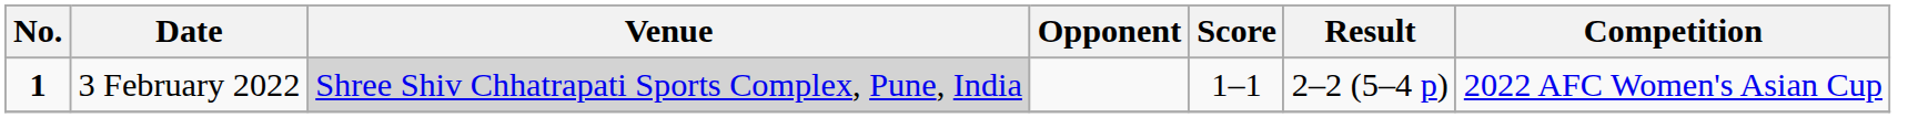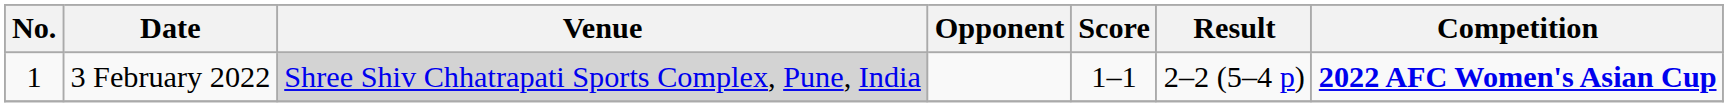 <table class="wikitable sortable">
 <tr>
 <th scope="col">No.</th>
 <th scope="col">Date</th>
 <th scope="col">Venue</th>
 <th scope="col">Opponent</th>
 <th scope="col">Score</th>
 <th scope="col">Result</th>
 <th scope="col">Competition</th>
 </tr>
 <tr>
-<td style="text-align:center"><strong>1</strong></td>
+<td style="text-align:center">1</td>
 <td>3 February 2022</td>
 <td style="background: lightgrey;"><a href='#'>Shree Shiv Chhatrapati Sports Complex</a>, <a href='#'>Pune</a>, <a href='#'>India</a></td>
 <td></td>
 <td style="text-align:center">1–1</td>
 <td style="text-align:center">2–2  (5–4 <a href='#'>p</a>)</td>
-<td><a href='#'>2022 AFC Women's Asian Cup</a></td>
+<td><strong><a href='#'>2022 AFC Women's Asian Cup</a></strong></td>
 </tr>
 <tr>
 </tr>
 </table>
